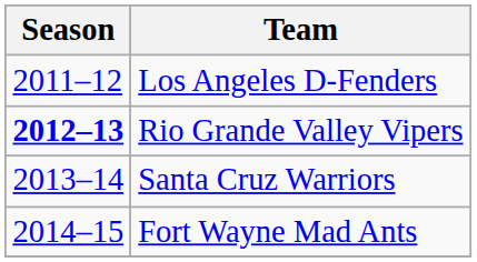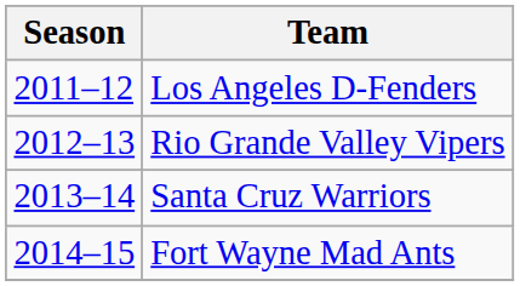 <table class="wikitable sortable">
 <tr>
 <th>Season</th>
 <th>Team</th>
 </tr>
 <tr>
 <td><a href='#'>2011–12</a></td>
 <td><a href='#'>Los Angeles D-Fenders</a></td>
 </tr>
 <tr>
-<td><strong><a href='#'>2012–13</a></strong></td>
+<td><a href='#'>2012–13</a></td>
 <td><a href='#'>Rio Grande Valley Vipers</a></td>
 </tr>
 <tr>
 <td><a href='#'>2013–14</a></td>
 <td><a href='#'>Santa Cruz Warriors</a></td>
 </tr>
 <tr>
 <td><a href='#'>2014–15</a></td>
 <td><a href='#'>Fort Wayne Mad Ants</a></td>
 </tr>
 <tr>
 </tr>
 </table>
